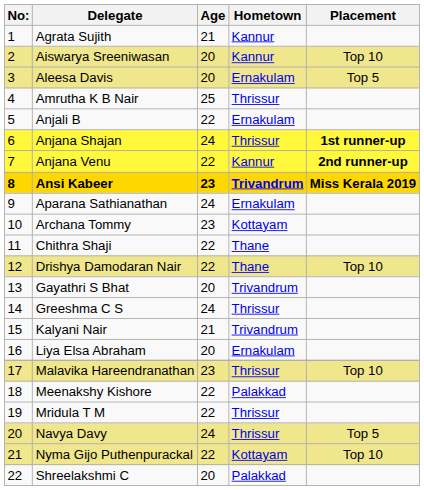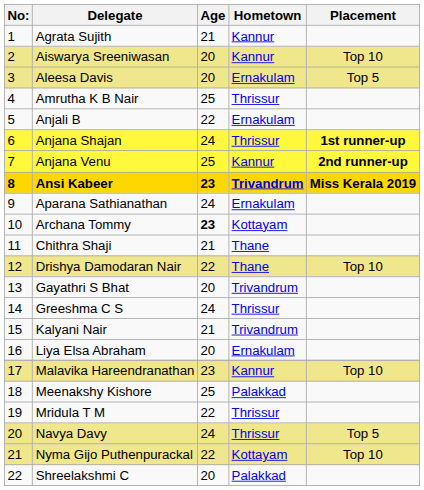 <table class="wikitable sortable" style="font-size: 95%;">
 <tr>
 <th>No:</th>
 <th>Delegate</th>
 <th>Age</th>
 <th>Hometown</th>
 <th>Placement</th>
 </tr>
 <tr>
 <td>1</td>
 <td>Agrata Sujith</td>
 <td>21</td>
 <td><a href='#'>Kannur</a></td>
 <td></td>
 </tr>
 <tr style="background-color:khaki">
 <td>2</td>
 <td>Aiswarya Sreeniwasan</td>
 <td>20</td>
 <td><a href='#'>Kannur</a></td>
 <td align="center">Top 10</td>
 </tr>
 <tr style="background-color:khaki">
 <td>3</td>
 <td>Aleesa Davis</td>
 <td>20</td>
 <td><a href='#'>Ernakulam</a></td>
 <td align="center">Top 5</td>
 </tr>
 <tr>
 <td>4</td>
 <td>Amrutha K B Nair</td>
 <td>25</td>
 <td><a href='#'>Thrissur</a></td>
 <td></td>
 </tr>
 <tr>
 <td>5</td>
 <td>Anjali B</td>
 <td>22</td>
 <td><a href='#'>Ernakulam</a></td>
 <td></td>
 </tr>
 <tr style="background-color:#FFF83B;">
 <td>6</td>
 <td>Anjana Shajan</td>
 <td>24</td>
 <td><a href='#'>Thrissur</a></td>
 <td align="center"><strong>1st runner-up</strong></td>
 </tr>
 <tr style="background-color:#FFF83B;">
 <td>7</td>
 <td>Anjana Venu</td>
-<td>22</td>
+<td>25</td>
 <td><a href='#'>Kannur</a></td>
 <td align="center"><strong>2nd runner-up</strong></td>
 </tr>
 <tr style="background-color:gold">
 <td><strong>8</strong></td>
 <td><strong>Ansi Kabeer</strong></td>
 <td><strong>23</strong></td>
 <td><strong><a href='#'>Trivandrum</a></strong></td>
 <td align="center"><strong>Miss Kerala 2019</strong></td>
 </tr>
 <tr>
 <td>9</td>
 <td>Aparana Sathianathan</td>
 <td>24</td>
 <td><a href='#'>Ernakulam</a></td>
 <td></td>
 </tr>
 <tr>
 <td>10</td>
 <td>Archana Tommy</td>
-<td>23</td>
+<td><strong>23</strong></td>
 <td><a href='#'>Kottayam</a></td>
 <td></td>
 </tr>
 <tr>
 <td>11</td>
 <td>Chithra Shaji</td>
-<td>22</td>
+<td>21</td>
 <td><a href='#'>Thane</a></td>
 <td></td>
 </tr>
 <tr style="background-color:khaki">
 <td>12</td>
 <td>Drishya Damodaran Nair</td>
 <td>22</td>
 <td><a href='#'>Thane</a></td>
 <td align="center">Top 10</td>
 </tr>
 <tr>
 <td>13</td>
 <td>Gayathri S Bhat</td>
 <td>20</td>
 <td><a href='#'>Trivandrum</a></td>
 <td></td>
 </tr>
 <tr>
 <td>14</td>
 <td>Greeshma C S</td>
 <td>24</td>
 <td><a href='#'>Thrissur</a></td>
 <td></td>
 </tr>
 <tr>
 <td>15</td>
 <td>Kalyani Nair</td>
 <td>21</td>
 <td><a href='#'>Trivandrum</a></td>
 <td></td>
 </tr>
 <tr>
 <td>16</td>
 <td>Liya Elsa Abraham</td>
 <td>20</td>
 <td><a href='#'>Ernakulam</a></td>
 <td></td>
 </tr>
 <tr>
 </tr>
 <tr style="background-color:khaki">
 <td>17</td>
 <td>Malavika Hareendranathan</td>
 <td>23</td>
-<td><a href='#'>Thrissur</a></td>
+<td><a href='#'>Kannur</a></td>
 <td align="center">Top 10</td>
 </tr>
 <tr>
 <td>18</td>
 <td>Meenakshy Kishore</td>
-<td>22</td>
+<td>25</td>
 <td><a href='#'>Palakkad</a></td>
 <td></td>
 </tr>
 <tr>
 <td>19</td>
 <td>Mridula T M</td>
 <td>22</td>
 <td><a href='#'>Thrissur</a></td>
 <td></td>
 </tr>
 <tr style="background-color:khaki">
 <td>20</td>
 <td>Navya Davy</td>
 <td>24</td>
 <td><a href='#'>Thrissur</a></td>
 <td align="center">Top 5</td>
 </tr>
 <tr style="background-color:khaki">
 <td>21</td>
 <td>Nyma Gijo Puthenpurackal</td>
 <td>22</td>
 <td><a href='#'>Kottayam</a></td>
 <td align="center">Top 10</td>
 </tr>
 <tr>
 <td>22</td>
 <td>Shreelakshmi C</td>
 <td>20</td>
 <td><a href='#'>Palakkad</a></td>
 <td></td>
 </tr>
 </table>
